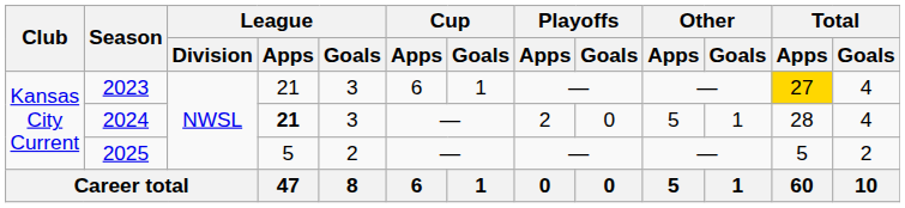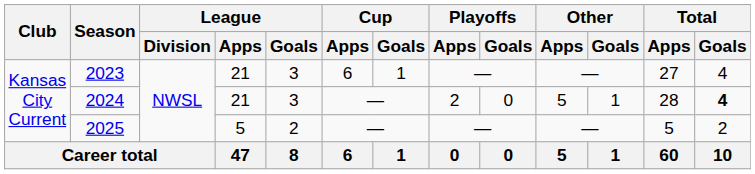 <table class="wikitable" style="text-align: center;">
 <tr>
 <th rowspan="2">Club</th>
 <th rowspan="2">Season</th>
 <th colspan="3">League</th>
 <th colspan="2">Cup</th>
 <th colspan="2">Playoffs</th>
 <th colspan="2">Other</th>
 <th colspan="2">Total</th>
 </tr>
 <tr>
 <th>Division</th>
 <th>Apps</th>
 <th>Goals</th>
 <th>Apps</th>
 <th>Goals</th>
 <th>Apps</th>
 <th>Goals</th>
 <th>Apps</th>
 <th>Goals</th>
 <th>Apps</th>
 <th>Goals</th>
 </tr>
 <tr>
 <td rowspan="3"><a href='#'>Kansas City Current</a></td>
 <td><a href='#'>2023</a></td>
 <td rowspan="3"><a href='#'>NWSL</a></td>
 <td>21</td>
 <td>3</td>
 <td>6</td>
 <td>1</td>
 <td colspan="2">—</td>
 <td colspan="2">—</td>
-<td style="background: gold;">27</td>
+<td>27</td>
 <td>4</td>
 </tr>
 <tr>
 <td><a href='#'>2024</a></td>
-<td><strong>21</strong></td>
+<td>21</td>
 <td>3</td>
 <td colspan="2">—</td>
 <td>2</td>
 <td>0</td>
 <td>5</td>
 <td>1</td>
 <td>28</td>
-<td>4</td>
+<td><strong>4</strong></td>
 </tr>
 <tr>
 <td><a href='#'>2025</a></td>
 <td>5</td>
 <td>2</td>
 <td colspan="2">—</td>
 <td colspan="2">—</td>
 <td colspan="2">—</td>
 <td>5</td>
 <td>2</td>
 </tr>
 <tr>
 <th colspan="3">Career total</th>
 <th>47</th>
 <th>8</th>
 <th>6</th>
 <th>1</th>
 <th>0</th>
 <th>0</th>
 <th>5</th>
 <th>1</th>
 <th>60</th>
 <th>10</th>
 </tr>
 </table>
